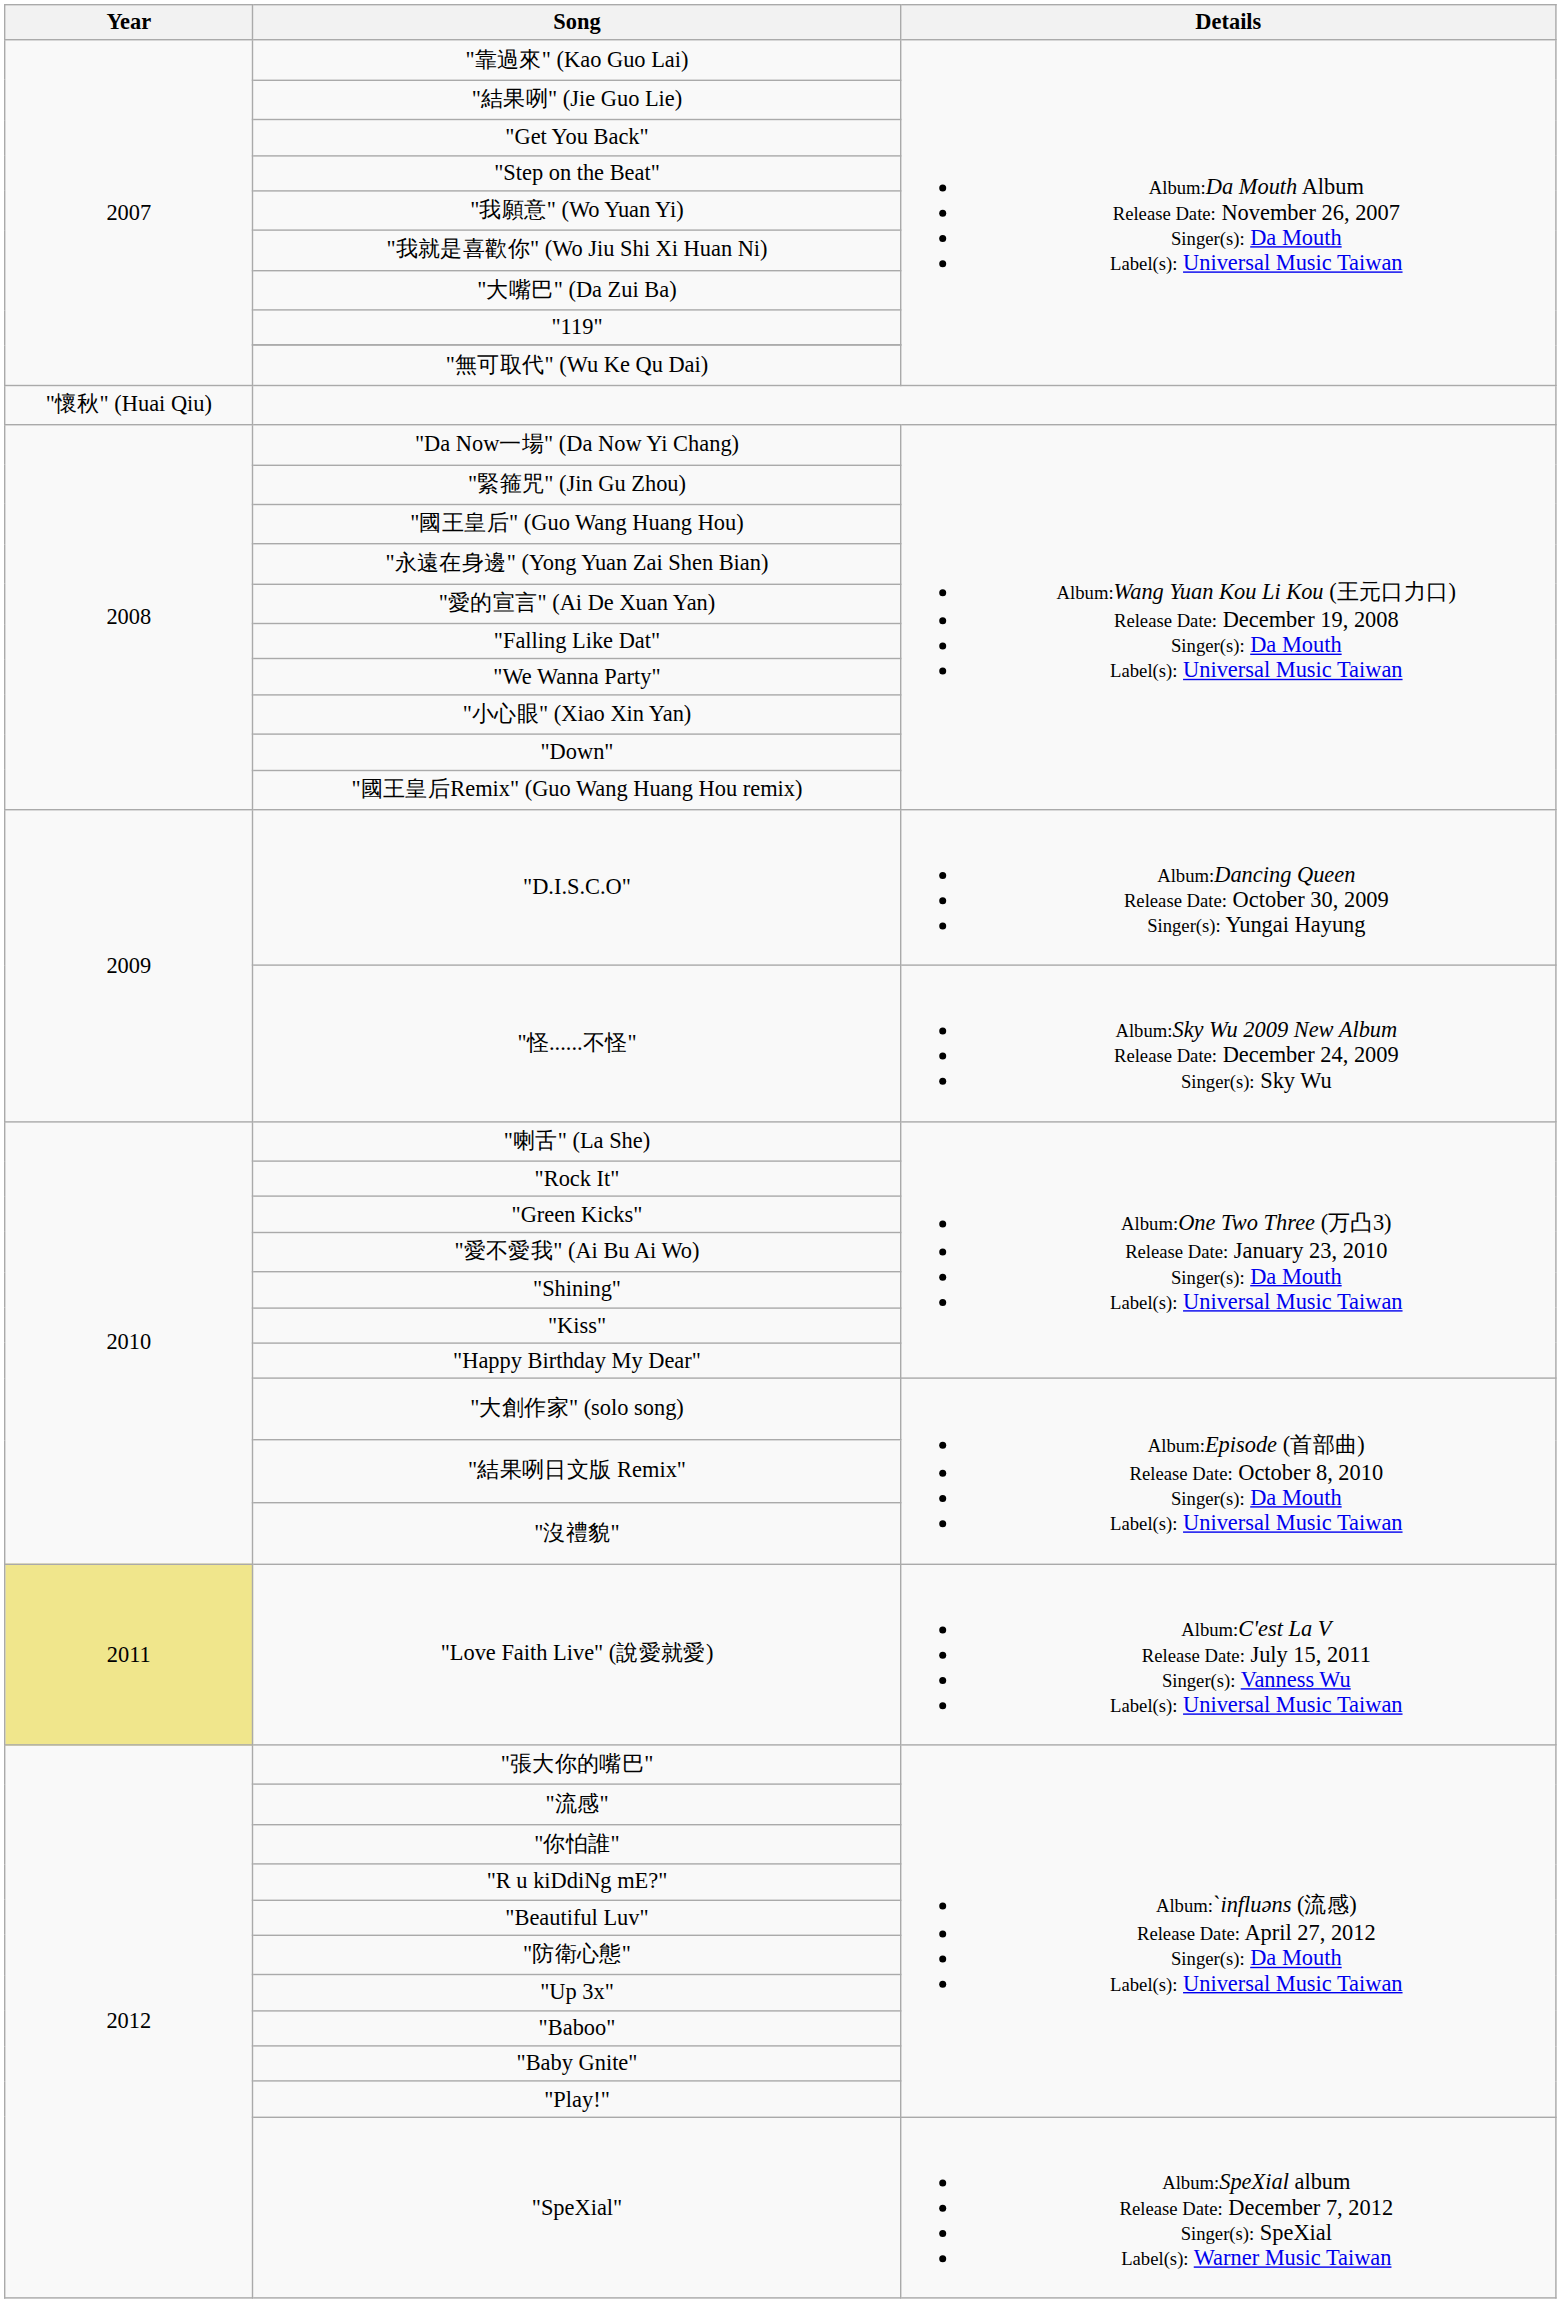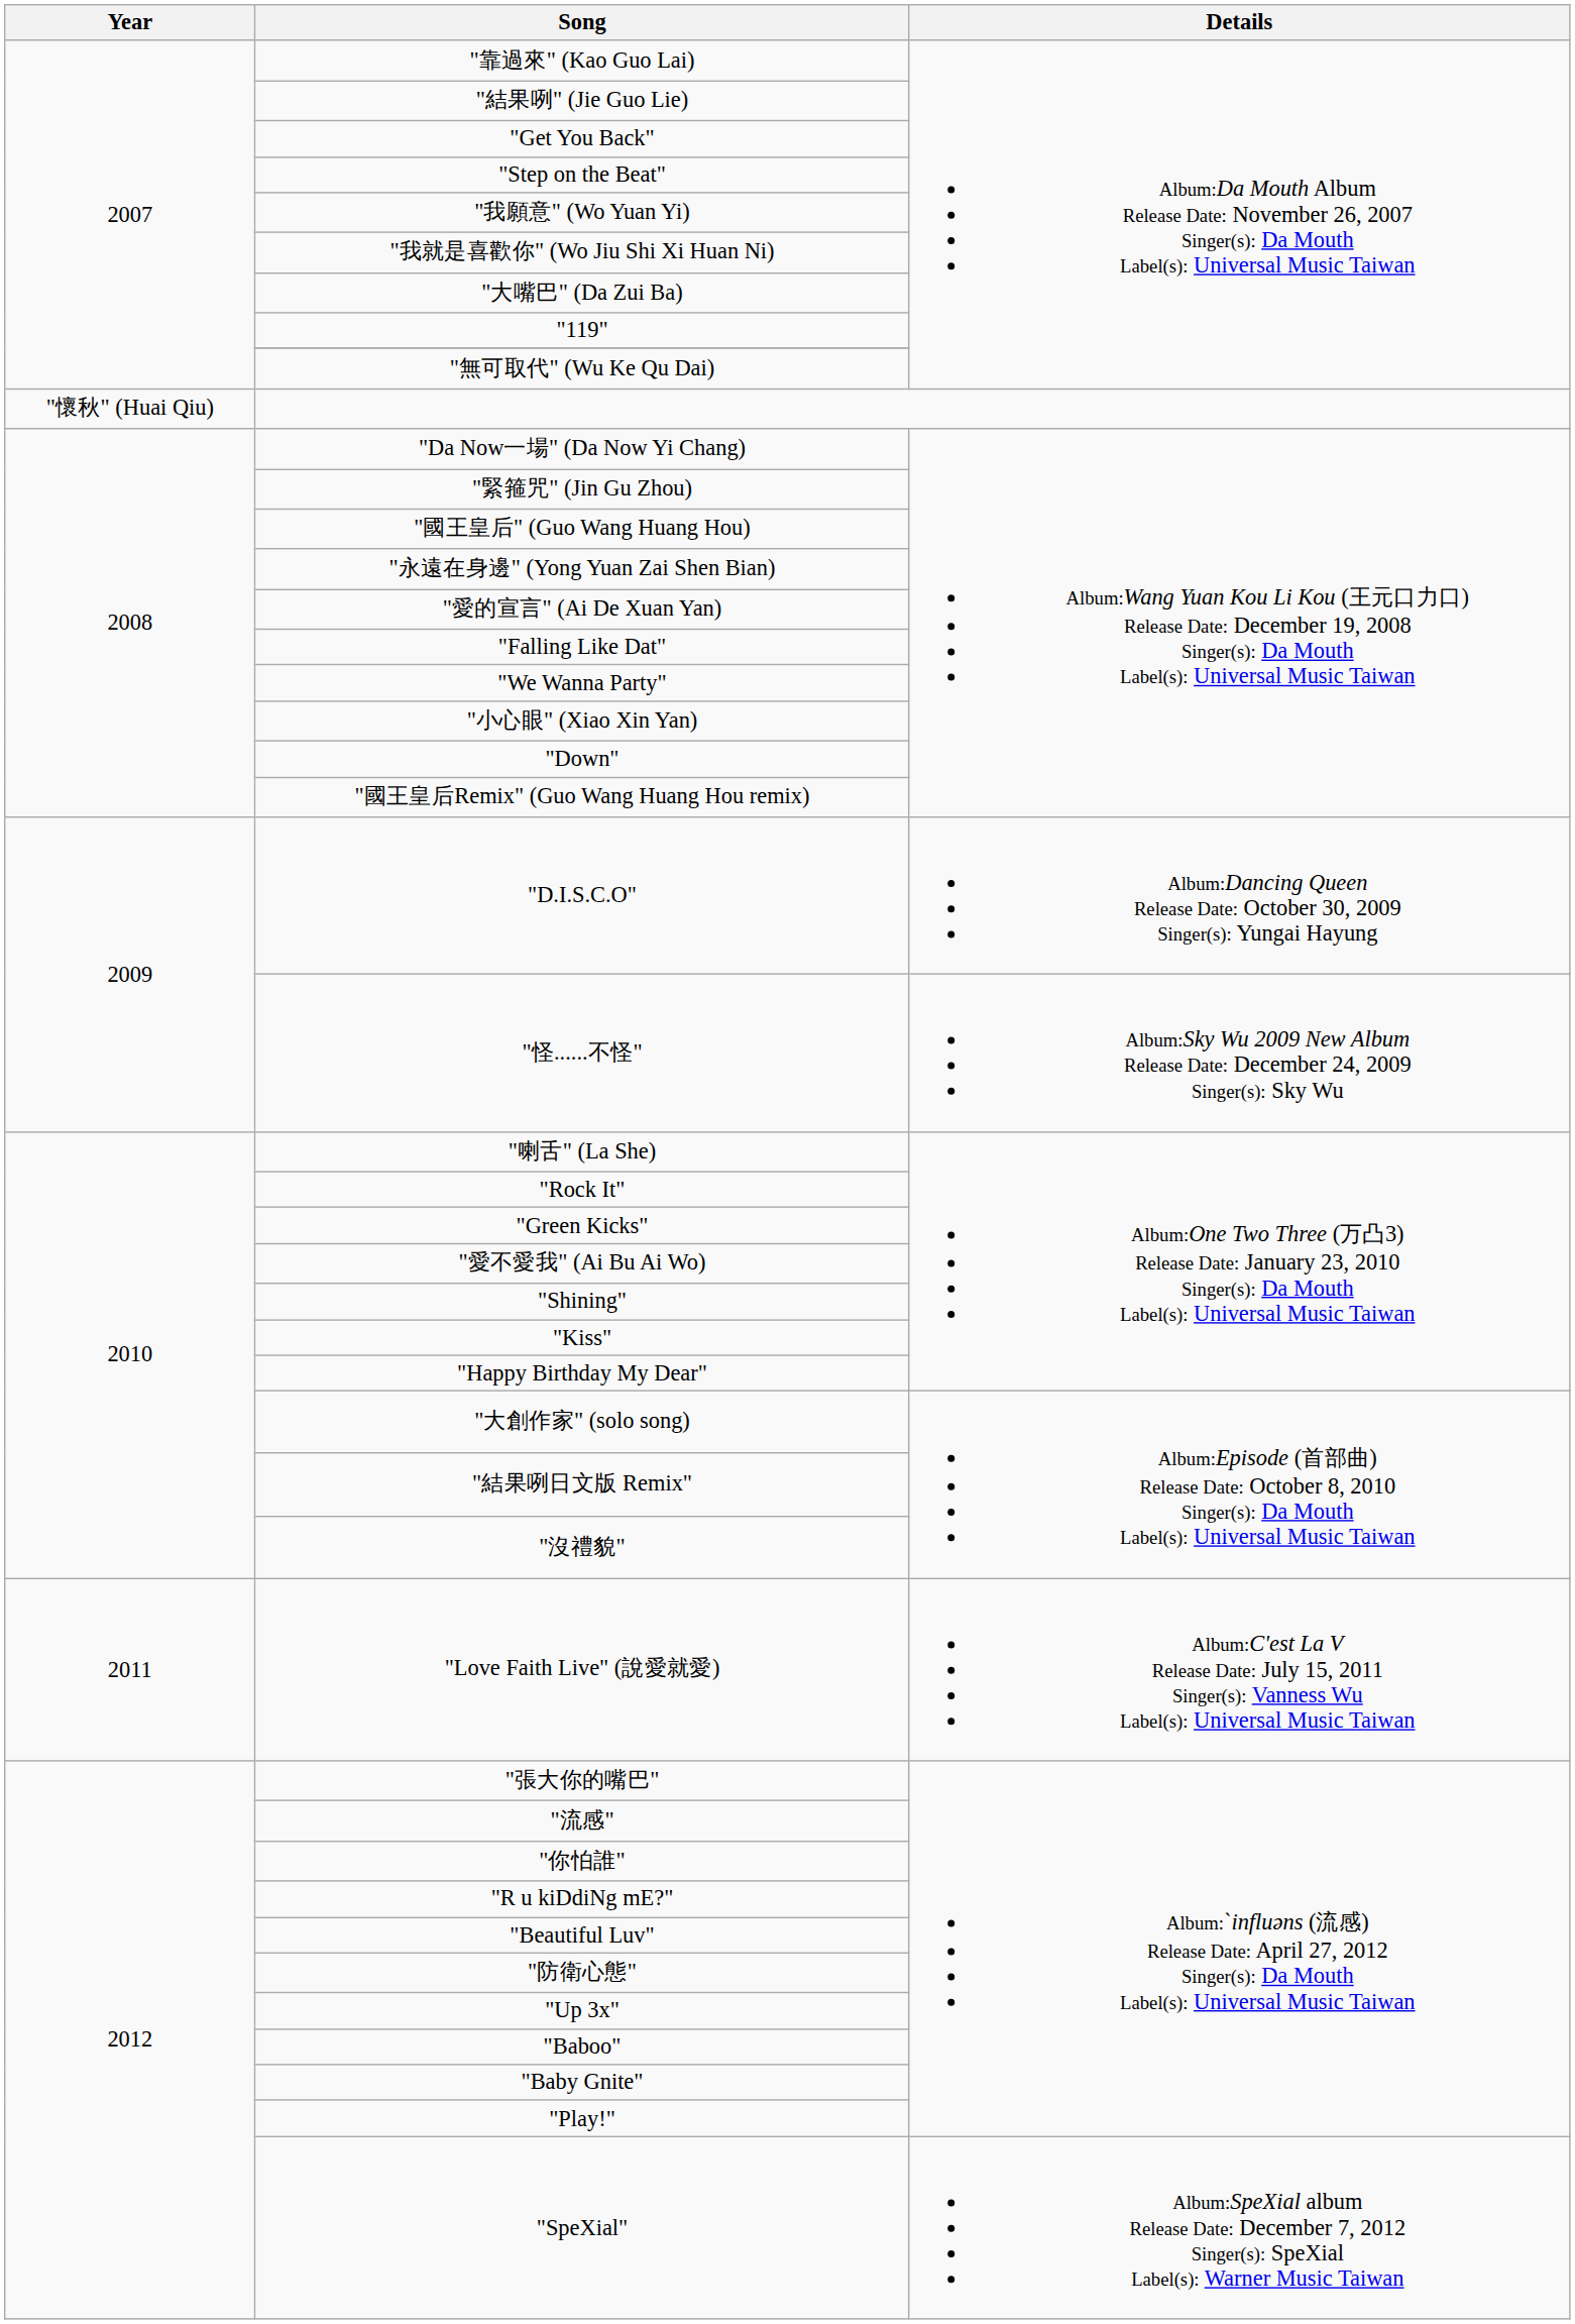 <table class="wikitable" width="70%">
 <tr>
 <th>Year</th>
 <th>Song</th>
 <th>Details</th>
 </tr>
 <tr align=center>
 <td rowspan=10>2007</td>
 <td>"靠過來" (Kao Guo Lai)</td>
 <td rowspan=10><br><ul><li><small>Album:</small><em>Da Mouth</em> Album</li><li><small>Release Date:</small> November 26, 2007</li><li><small>Singer(s):</small> <a href='#'>Da Mouth</a></li><li><small>Label(s):</small> <a href='#'>Universal Music Taiwan</a></li></ul></td>
 </tr>
 <tr align=center>
 <td>"結果咧" (Jie Guo Lie)</td>
 </tr>
 <tr align=center>
 <td>"Get You Back"</td>
 </tr>
 <tr align=center>
 <td>"Step on the Beat"</td>
 </tr>
 <tr align=center>
 <td>"我願意" (Wo Yuan Yi)</td>
 </tr>
 <tr align=center>
 <td>"我就是喜歡你" (Wo Jiu Shi Xi Huan Ni)</td>
 </tr>
 <tr align=center>
 <td>"大嘴巴" (Da Zui Ba)</td>
 </tr>
 <tr align=center>
 <td>"119"</td>
 </tr>
 <tr align=center>
 </tr>
 <tr align=center>
 <td>"無可取代" (Wu Ke Qu Dai)</td>
 </tr>
 <tr align=center>
 <td>"懷秋" (Huai Qiu)</td>
 </tr>
 <tr align=center>
 <td rowspan=10>2008</td>
 <td>"Da Now一場" (Da Now Yi Chang)</td>
 <td rowspan=10><br><ul><li><small>Album:</small><em>Wang Yuan Kou Li Kou</em> (王元口力口)</li><li><small>Release Date:</small> December 19, 2008</li><li><small>Singer(s):</small> <a href='#'>Da Mouth</a></li><li><small>Label(s):</small> <a href='#'>Universal Music Taiwan</a></li></ul></td>
 </tr>
 <tr align=center>
 <td>"緊箍咒" (Jin Gu Zhou)</td>
 </tr>
 <tr align=center>
 <td>"國王皇后" (Guo Wang Huang Hou)</td>
 </tr>
 <tr align=center>
 <td>"永遠在身邊" (Yong Yuan Zai Shen Bian)</td>
 </tr>
 <tr align=center>
 <td>"愛的宣言" (Ai De Xuan Yan)</td>
 </tr>
 <tr align=center>
 <td>"Falling Like Dat"</td>
 </tr>
 <tr align=center>
 <td>"We Wanna Party"</td>
 </tr>
 <tr align=center>
 <td>"小心眼" (Xiao Xin Yan)</td>
 </tr>
 <tr align=center>
 <td>"Down"</td>
 </tr>
 <tr align=center>
 <td>"國王皇后Remix" (Guo Wang Huang Hou remix)</td>
 </tr>
 <tr align=center>
 <td rowspan=2>2009</td>
 <td>"D.I.S.C.O"</td>
 <td><br><ul><li><small>Album:</small><em>Dancing Queen</em></li><li><small>Release Date:</small> October 30, 2009</li><li><small>Singer(s):</small> Yungai Hayung</li></ul></td>
 </tr>
 <tr align=center>
 <td>"怪......不怪"</td>
 <td><br><ul><li><small>Album:</small><em>Sky Wu 2009 New Album</em></li><li><small>Release Date:</small> December 24, 2009</li><li><small>Singer(s):</small> Sky Wu</li></ul></td>
 </tr>
 <tr align=center>
 <td rowspan=10>2010</td>
 <td>"喇舌" (La She)</td>
 <td rowspan=7><br><ul><li><small>Album:</small><em>One Two Three</em> (万凸3)</li><li><small>Release Date:</small> January 23, 2010</li><li><small>Singer(s):</small> <a href='#'>Da Mouth</a></li><li><small>Label(s):</small> <a href='#'>Universal Music Taiwan</a></li></ul></td>
 </tr>
 <tr align=center>
 <td>"Rock It"</td>
 </tr>
 <tr align=center>
 <td>"Green Kicks"</td>
 </tr>
 <tr align=center>
 <td>"愛不愛我" (Ai Bu Ai Wo)</td>
 </tr>
 <tr align=center>
 <td>"Shining"</td>
 </tr>
 <tr align=center>
 <td>"Kiss"</td>
 </tr>
 <tr align=center>
 <td>"Happy Birthday My Dear"</td>
 </tr>
 <tr align=center>
 <td>"大創作家" (solo song)</td>
 <td rowspan=3><br><ul><li><small>Album:</small><em>Episode</em> (首部曲)</li><li><small>Release Date:</small> October 8, 2010</li><li><small>Singer(s):</small> <a href='#'>Da Mouth</a></li><li><small>Label(s):</small> <a href='#'>Universal Music Taiwan</a></li></ul></td>
 </tr>
 <tr align=center>
 <td>"結果咧日文版 Remix"</td>
 </tr>
 <tr align=center>
 <td>"沒禮貌"</td>
 </tr>
 <tr align=center>
-<td style="background: khaki;">2011</td>
+<td>2011</td>
 <td>"Love Faith Live" (說愛就愛)</td>
 <td><br><ul><li><small>Album:</small><em>C'est La V</em></li><li><small>Release Date:</small> July 15, 2011</li><li><small>Singer(s):</small> <a href='#'>Vanness Wu</a></li><li><small>Label(s):</small> <a href='#'>Universal Music Taiwan</a></li></ul></td>
 </tr>
 <tr align=center>
 <td rowspan=11>2012</td>
 <td>"張大你的嘴巴"</td>
 <td rowspan=10><br><ul><li><small>Album:</small><em>ˋinfluəns</em> (流感)</li><li><small>Release Date:</small> April 27, 2012</li><li><small>Singer(s):</small> <a href='#'>Da Mouth</a></li><li><small>Label(s):</small> <a href='#'>Universal Music Taiwan</a></li></ul></td>
 </tr>
 <tr align=center>
 <td>"流感"</td>
 </tr>
 <tr align=center>
 <td>"你怕誰"</td>
 </tr>
 <tr align=center>
 <td>"R u kiDdiNg mE?"</td>
 </tr>
 <tr align=center>
 <td>"Beautiful Luv"</td>
 </tr>
 <tr align=center>
 <td>"防衛心態"</td>
 </tr>
 <tr align=center>
 <td>"Up 3x"</td>
 </tr>
 <tr align=center>
 <td>"Baboo"</td>
 </tr>
 <tr align=center>
 <td>"Baby Gnite"</td>
 </tr>
 <tr align=center>
 <td>"Play!"</td>
 </tr>
 <tr align=center>
 <td>"SpeXial"</td>
 <td><br><ul><li><small>Album:</small><em>SpeXial</em> album</li><li><small>Release Date:</small> December 7, 2012</li><li><small>Singer(s):</small> SpeXial</li><li><small>Label(s):</small> <a href='#'>Warner Music Taiwan</a></li></ul></td>
 </tr>
 </table>
